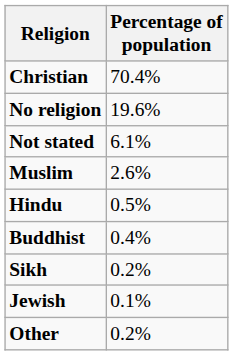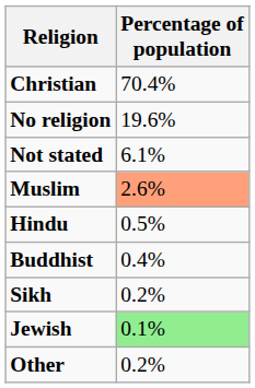 <table class="wikitable"  style="float:right; font-size:90%; margin-left:1em;">
 <tr>
 <th>Religion</th>
 <th>Percentage of <br>population</th>
 </tr>
 <tr>
 <td><strong>Christian</strong></td>
 <td>70.4%</td>
 </tr>
 <tr>
 <td><strong>No religion</strong></td>
 <td>19.6%</td>
 </tr>
 <tr>
 <td><strong>Not stated</strong></td>
 <td>6.1%</td>
 </tr>
 <tr>
 <td><strong>Muslim</strong></td>
-<td>2.6%</td>
+<td style="background: lightsalmon;">2.6%</td>
 </tr>
 <tr>
 <td><strong>Hindu</strong></td>
 <td>0.5%</td>
 </tr>
 <tr>
 <td><strong>Buddhist</strong></td>
 <td>0.4%</td>
 </tr>
 <tr>
 <td><strong>Sikh</strong></td>
 <td>0.2%</td>
 </tr>
 <tr>
 <td><strong>Jewish</strong></td>
-<td>0.1%</td>
+<td style="background: lightgreen;">0.1%</td>
 </tr>
 <tr>
 <td><strong>Other</strong></td>
 <td>0.2%</td>
 </tr>
 </table>
